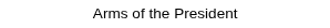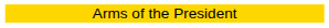 <table border="0" class="center" style="margin:1em auto; width:55%; table-layout:fixed">
 <tr style="text-align:center;">
 <td></td>
 </tr>
 <tr style="text-align:center;">
-<td>Arms of the President</td>
+<td style="background: gold;">Arms of the President</td>
 </tr>
 </table>
